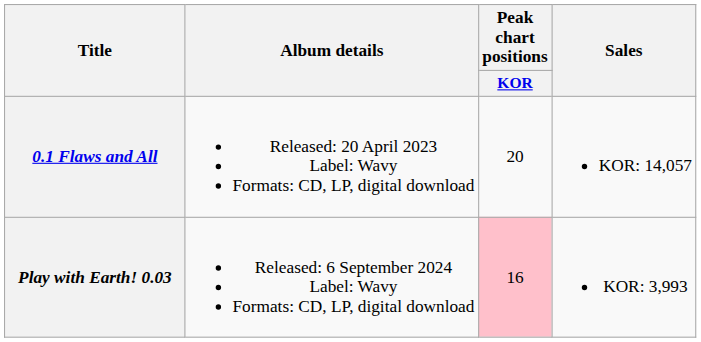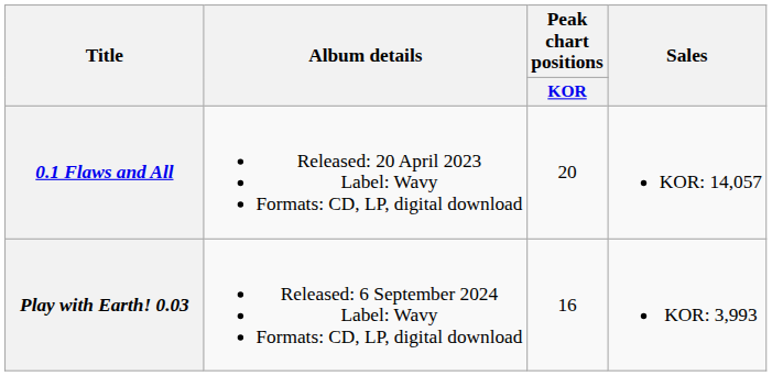 <table class="wikitable plainrowheaders" style="text-align:center;">
 <tr>
 <th rowspan="2" scope="col" style="width:10em;">Title</th>
 <th rowspan="2" scope="col">Album details</th>
 <th scope="col">Peak chart positions</th>
 <th rowspan="2">Sales</th>
 </tr>
 <tr>
 <th scope="col" style="width:2.5em;font-size:90%;"><a href='#'>KOR</a><br></th>
 </tr>
 <tr>
 <th scope="row"><em><a href='#'>0.1 Flaws and All</a></em></th>
 <td><br><ul><li>Released: 20 April 2023</li><li>Label: Wavy</li><li>Formats: CD, LP, digital download</li></ul></td>
 <td>20</td>
 <td><br><ul><li>KOR: 14,057</li></ul></td>
 </tr>
 <tr>
 <th scope="row"><em>Play with Earth! 0.03</em></th>
 <td><br><ul><li>Released: 6 September 2024</li><li>Label: Wavy</li><li>Formats: CD, LP, digital download</li></ul></td>
-<td style="background: pink;">16</td>
+<td>16</td>
 <td><br><ul><li>KOR: 3,993</li></ul></td>
 </tr>
 </table>
